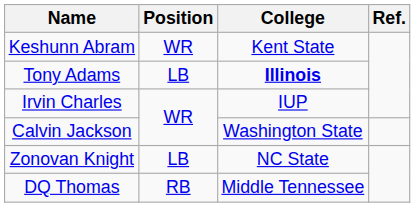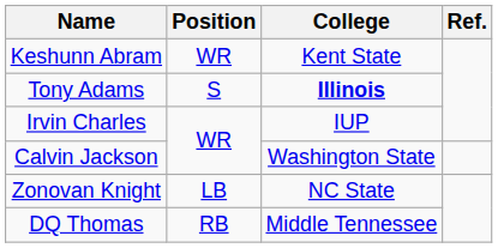 <table class="wikitable" style="text-align:center">
 <tr>
 <th>Name</th>
 <th>Position</th>
 <th>College</th>
 <th>Ref.</th>
 </tr>
 <tr>
 <td><a href='#'>Keshunn Abram</a></td>
 <td><a href='#'>WR</a></td>
 <td><a href='#'>Kent State</a></td>
 <td rowspan = 3></td>
 </tr>
 <tr>
 <td><a href='#'>Tony Adams</a></td>
-<td><a href='#'>LB</a></td>
+<td><a href='#'>S</a></td>
 <td><strong><a href='#'>Illinois</a></strong></td>
 </tr>
 <tr>
 <td><a href='#'>Irvin Charles</a></td>
 <td rowspan = 2><a href='#'>WR</a></td>
 <td><a href='#'>IUP</a></td>
 </tr>
 <tr>
 <td><a href='#'>Calvin Jackson</a></td>
 <td><a href='#'>Washington State</a></td>
 <td></td>
 </tr>
 <tr>
 <td><a href='#'>Zonovan Knight</a></td>
 <td><a href='#'>LB</a></td>
 <td><a href='#'>NC State</a></td>
 <td rowspan = 2></td>
 </tr>
 <tr>
 <td><a href='#'>DQ Thomas</a></td>
 <td><a href='#'>RB</a></td>
 <td><a href='#'>Middle Tennessee</a></td>
 </tr>
 </table>
